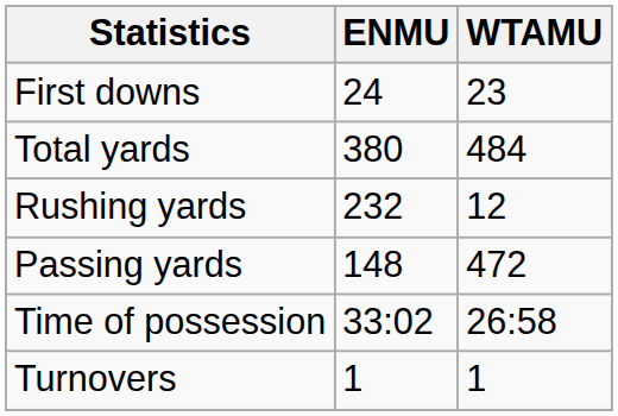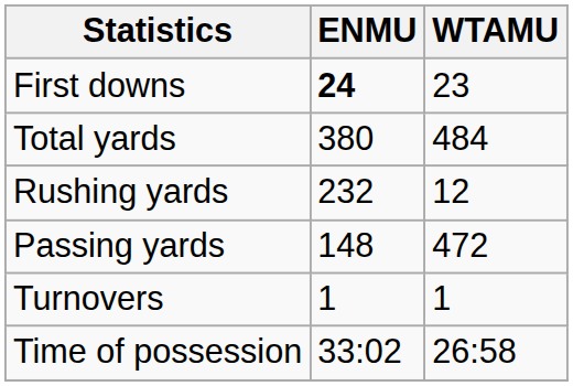 <table class="wikitable">
 <tr>
 <th>Statistics</th>
 <th>ENMU</th>
 <th>WTAMU</th>
 </tr>
 <tr>
 <td>First downs</td>
-<td>24</td>
+<td><strong>24</strong></td>
 <td>23</td>
 </tr>
 <tr>
 <td>Total yards</td>
 <td>380</td>
 <td>484</td>
 </tr>
 <tr>
 <td>Rushing yards</td>
 <td>232</td>
 <td>12</td>
 </tr>
 <tr>
 <td>Passing yards</td>
 <td>148</td>
 <td>472</td>
 </tr>
 <tr>
+<td>Turnovers</td>
+<td>1</td>
+<td>1</td>
+</tr>
+<tr>
 <td>Time of possession</td>
 <td>33:02</td>
 <td>26:58</td>
 </tr>
 <tr>
-<td>Turnovers</td>
-<td>1</td>
-<td>1</td>
-</tr>
-<tr>
 </tr>
 </table>
